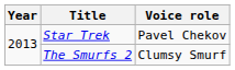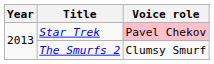 <table class = "wikitable sortable">
 <tr>
 <th>Year</th>
 <th>Title</th>
 <th>Voice role</th>
 </tr>
 <tr>
 <td rowspan="2">2013</td>
 <td><em><a href='#'>Star Trek</a></em></td>
-<td>Pavel Chekov</td>
+<td style="background: pink;">Pavel Chekov</td>
 </tr>
 <tr>
 <td><em><a href='#'>The Smurfs 2</a></em></td>
 <td>Clumsy Smurf</td>
 </tr>
 </table>
